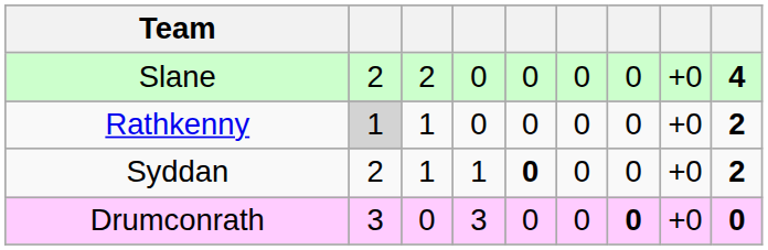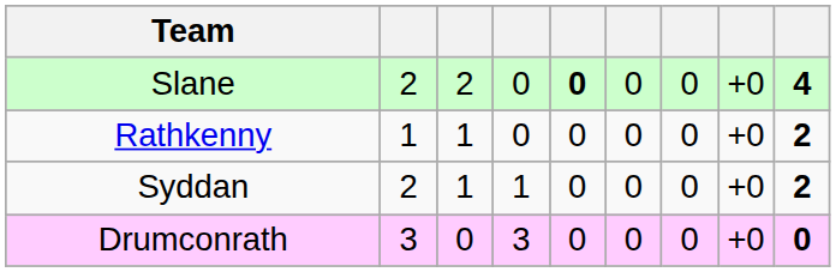 <table class="wikitable" style="text-align:center">
 <tr>
 <th width="175">Team</th>
 <th width="20"></th>
 <th width="20"></th>
 <th width="20"></th>
 <th width="20"></th>
 <th width="20"></th>
 <th width="20"></th>
 <th width="20"></th>
 <th width="20"></th>
 </tr>
 <tr style="background:#cfc;">
 <td>Slane</td>
 <td>2</td>
 <td>2</td>
 <td>0</td>
-<td>0</td>
+<td><strong>0</strong></td>
 <td>0</td>
 <td>0</td>
 <td>+0</td>
 <td><strong>4</strong></td>
 </tr>
 <tr>
 <td><a href='#'>Rathkenny</a></td>
-<td style="background: lightgrey;">1</td>
+<td>1</td>
 <td>1</td>
 <td>0</td>
 <td>0</td>
 <td>0</td>
 <td>0</td>
 <td>+0</td>
 <td><strong>2</strong></td>
 </tr>
 <tr>
 <td>Syddan</td>
 <td>2</td>
 <td>1</td>
 <td>1</td>
-<td><strong>0</strong></td>
+<td>0</td>
 <td>0</td>
 <td>0</td>
 <td>+0</td>
 <td><strong>2</strong></td>
 </tr>
 <tr style="background:#fcf;">
 <td>Drumconrath</td>
 <td>3</td>
 <td>0</td>
 <td>3</td>
 <td>0</td>
 <td>0</td>
-<td><strong>0</strong></td>
+<td>0</td>
 <td>+0</td>
 <td><strong>0</strong></td>
 </tr>
 </table>
